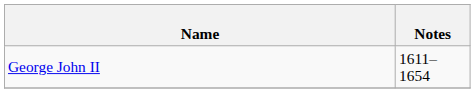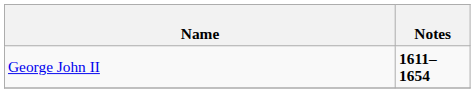 <table class="wikitable">
 <tr>
 <th width=400px><br>Name</th>
 <th width=70px><br>Notes</th>
 </tr>
 <tr>
 <td><a href='#'>George John II</a></td>
-<td>1611–1654</td>
+<td><strong>1611–1654</strong></td>
 </tr>
 <tr>
 </tr>
 </table>
